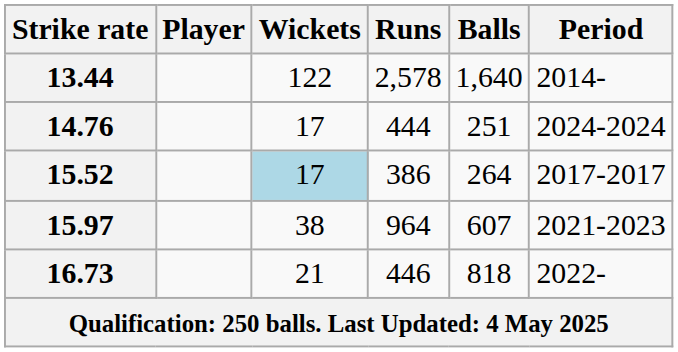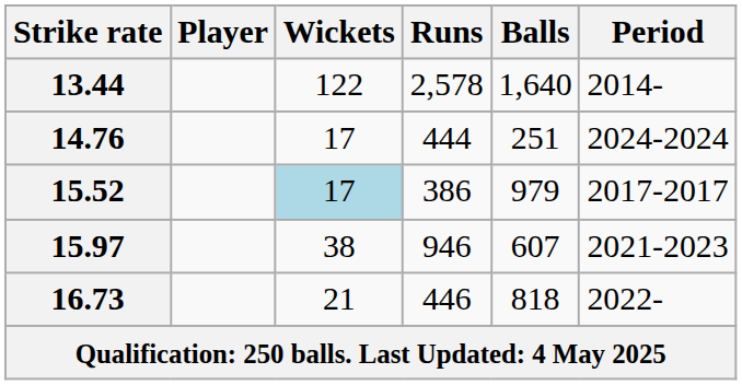 <table class="wikitable sortable" style="text-align:left;font-size:96%;">
 <tr>
 <th>Strike rate</th>
 <th>Player</th>
 <th>Wickets</th>
 <th>Runs</th>
 <th>Balls</th>
 <th>Period</th>
 </tr>
 <tr>
 <th scope=row style=text-align:center;>13.44</th>
 <td></td>
 <td align=center>122</td>
 <td align=center>2,578</td>
 <td align=center>1,640</td>
 <td>2014-</td>
 </tr>
 <tr>
 <th scope=row style=text-align:center;>14.76</th>
 <td></td>
 <td align=center>17</td>
 <td align=center>444</td>
 <td align=center>251</td>
 <td>2024-2024</td>
 </tr>
 <tr>
 <th scope=row style=text-align:center;>15.52</th>
 <td></td>
 <td align=center style="background: lightblue;">17</td>
 <td align=center>386</td>
-<td align=center>264</td>
+<td align=center>979</td>
 <td>2017-2017</td>
 </tr>
 <tr>
 <th scope=row style=text-align:center;>15.97</th>
 <td></td>
 <td align=center>38</td>
-<td align=center>964</td>
+<td align=center>946</td>
 <td align=center>607</td>
 <td>2021-2023</td>
 </tr>
 <tr>
 <th scope=row style=text-align:center;>16.73</th>
 <td></td>
 <td align=center>21</td>
 <td align=center>446</td>
 <td align=center>818</td>
 <td>2022-</td>
 </tr>
 <tr class=sortbottom>
 <th colspan=7><small>Qualification: 250 balls. Last Updated: 4 May 2025</small></th>
 </tr>
 </table>
